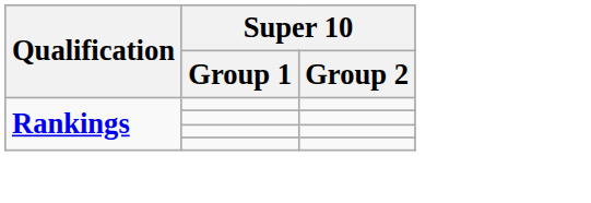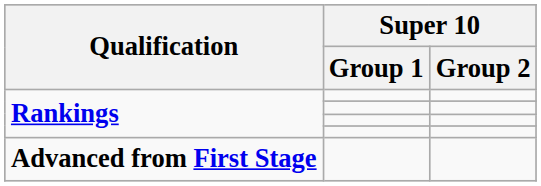 <table class="wikitable">
 <tr>
 <th rowspan=2>Qualification</th>
 <th colspan=2>Super 10</th>
 </tr>
 <tr>
 <th>Group 1</th>
 <th>Group 2</th>
 </tr>
 <tr>
 <td rowspan="4" style="text align:center"><a href='#'><strong>Rankings</strong></a></td>
 <td></td>
 <td></td>
 </tr>
 <tr>
 <td></td>
 <td></td>
 </tr>
 <tr>
 <td></td>
 <td></td>
 </tr>
 <tr>
 <td></td>
 <td></td>
 </tr>
+<tr>
+<td rowspan="1" style="text align:center"><strong>Advanced from <a href='#'>First Stage</a></strong></td>
+<td></td>
+<td></td>
+</tr>
 </table>
